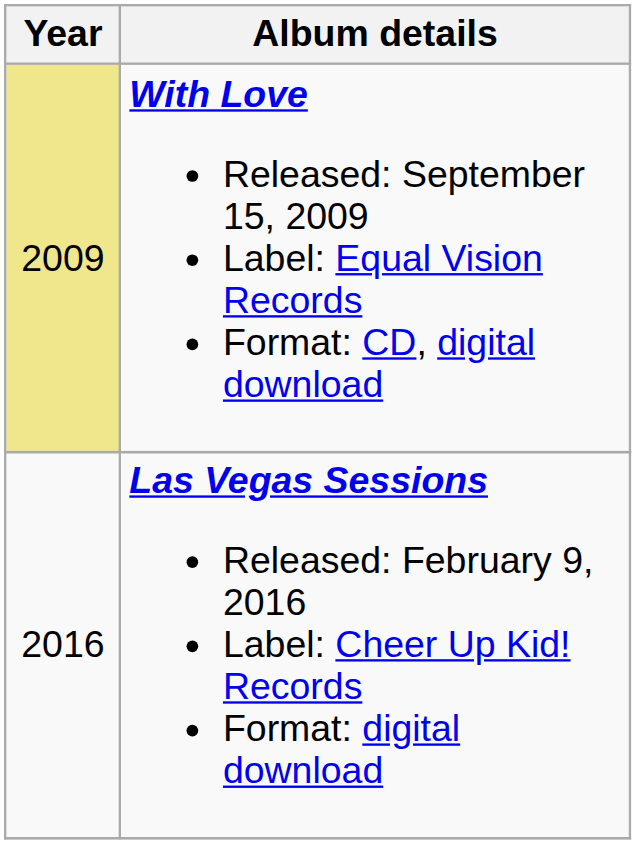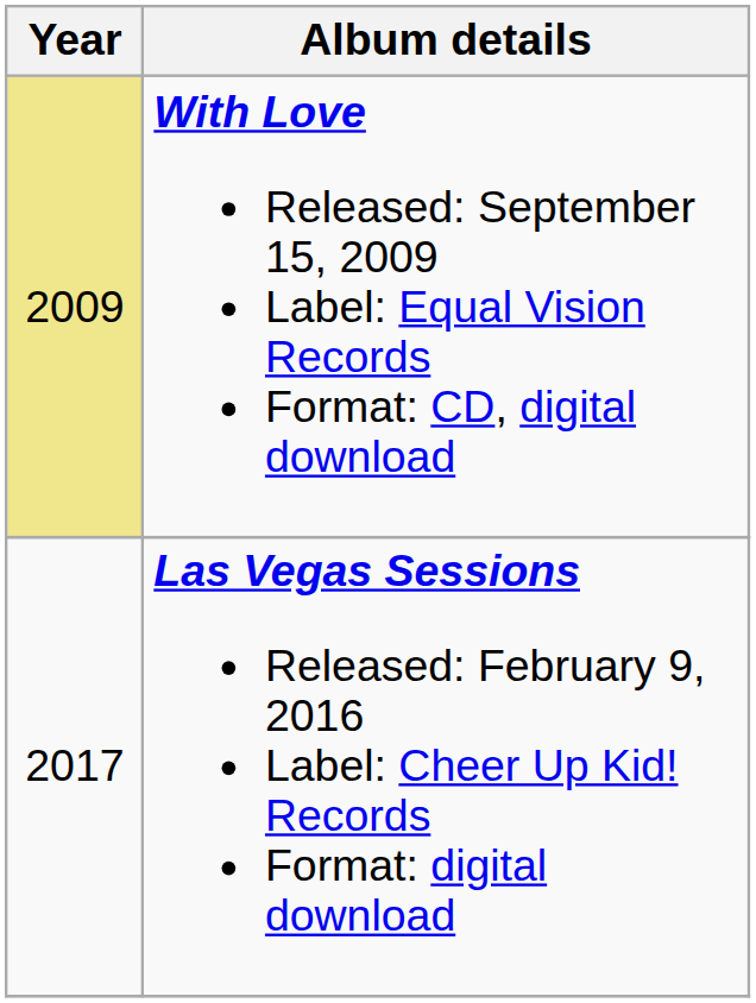 <table class="wikitable" style="text-align:center;">
 <tr>
 <th width="42">Year</th>
 <th width="210">Album details</th>
 </tr>
 <tr>
 <td style="background: khaki;">2009</td>
 <td align="left"><strong><em><a href='#'>With Love</a></em></strong><br><ul><li>Released: September 15, 2009</li><li>Label: <a href='#'>Equal Vision Records</a></li><li>Format: <a href='#'>CD</a>, <a href='#'>digital download</a></li></ul></td>
 </tr>
 <tr>
 </tr>
 <tr>
-<td>2016</td>
+<td>2017</td>
 <td align="left"><strong><em><a href='#'>Las Vegas Sessions</a></em></strong><br><ul><li>Released: February 9, 2016</li><li>Label: <a href='#'>Cheer Up Kid! Records</a></li><li>Format: <a href='#'>digital download</a></li></ul></td>
 </tr>
 <tr>
 </tr>
 </table>
